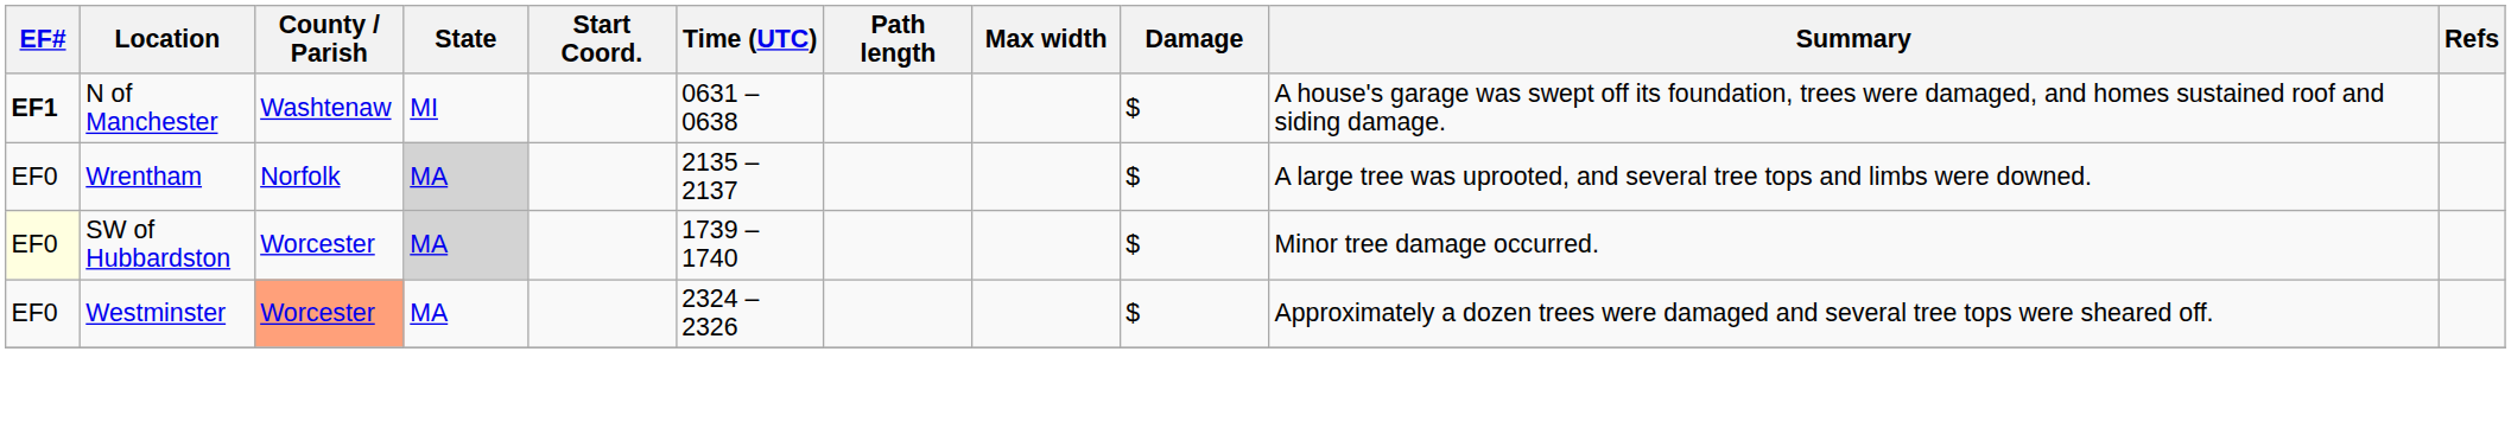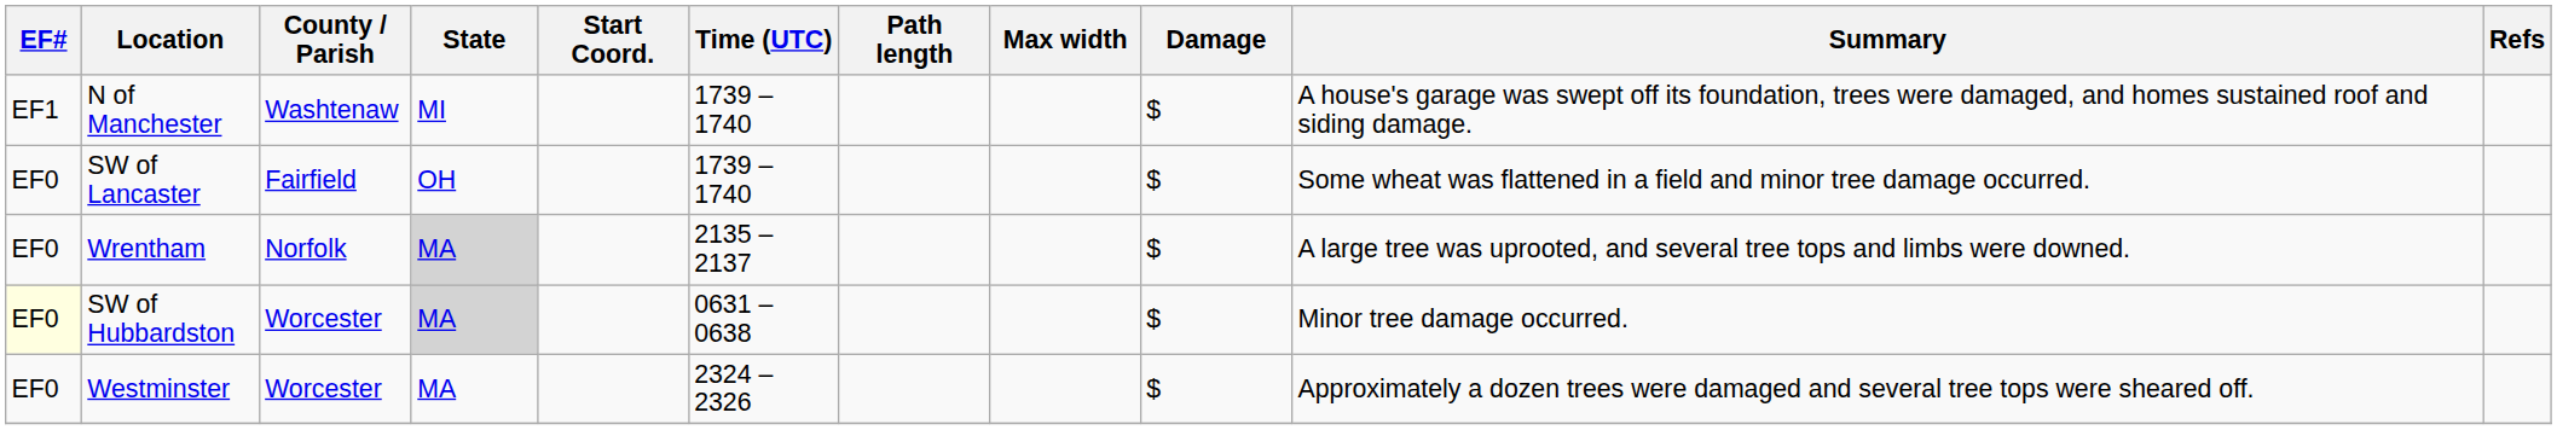 <table class="wikitable sortable" style="width:100%;">
 <tr>
 <th scope="col" width="3%" align="center"><a href='#'>EF#</a></th>
 <th scope="col" width="7%" align="center" class="unsortable">Location</th>
 <th scope="col" width="6%" align="center" class="unsortable">County / Parish</th>
 <th scope="col" width="5%" align="center">State</th>
 <th scope="col" width="6%" align="center">Start Coord.</th>
 <th scope="col" width="6%" align="center">Time (<a href='#'>UTC</a>)</th>
 <th scope="col" width="6%" align="center">Path length</th>
 <th scope="col" width="6%" align="center">Max width</th>
 <th scope="col" width="6%" align="center">Damage</th>
 <th scope="col" width="48%" class="unsortable" align="center">Summary</th>
 <th scope="col" width="48%" class="unsortable" align="center">Refs</th>
 </tr>
 <tr>
-<td><strong>EF1</strong></td>
+<td>EF1</td>
 <td>N of <a href='#'>Manchester</a></td>
 <td><a href='#'>Washtenaw</a></td>
 <td><a href='#'>MI</a></td>
 <td></td>
-<td>0631 – 0638</td>
+<td>1739 – 1740</td>
 <td></td>
 <td></td>
 <td>$</td>
 <td>A house's garage was swept off its foundation, trees were damaged, and homes sustained roof and siding damage.</td>
+<td></td>
+</tr>
+<tr>
+<td>EF0</td>
+<td>SW of <a href='#'>Lancaster</a></td>
+<td><a href='#'>Fairfield</a></td>
+<td><a href='#'>OH</a></td>
+<td></td>
+<td>1739 – 1740</td>
+<td></td>
+<td></td>
+<td>$</td>
+<td>Some wheat was flattened in a field and minor tree damage occurred.</td>
 <td></td>
 </tr>
 <tr>
 <td>EF0</td>
 <td><a href='#'>Wrentham</a></td>
 <td><a href='#'>Norfolk</a></td>
 <td style="background: lightgrey;"><a href='#'>MA</a></td>
 <td></td>
 <td>2135 – 2137</td>
 <td></td>
 <td></td>
 <td>$</td>
 <td>A large tree was uprooted, and several tree tops and limbs were downed.</td>
 <td></td>
 </tr>
 <tr>
 <td style="background: lightyellow;">EF0</td>
 <td>SW of <a href='#'>Hubbardston</a></td>
 <td><a href='#'>Worcester</a></td>
 <td style="background: lightgrey;"><a href='#'>MA</a></td>
 <td></td>
-<td>1739 – 1740</td>
+<td>0631 – 0638</td>
 <td></td>
 <td></td>
 <td>$</td>
 <td>Minor tree damage occurred.</td>
 <td></td>
 </tr>
 <tr>
 <td>EF0</td>
 <td><a href='#'>Westminster</a></td>
-<td style="background: lightsalmon;"><a href='#'>Worcester</a></td>
+<td><a href='#'>Worcester</a></td>
 <td><a href='#'>MA</a></td>
 <td></td>
 <td>2324 – 2326</td>
 <td></td>
 <td></td>
 <td>$</td>
 <td>Approximately a dozen trees were damaged and several tree tops were sheared off.</td>
 <td></td>
 </tr>
 <tr>
 </tr>
 </table>
